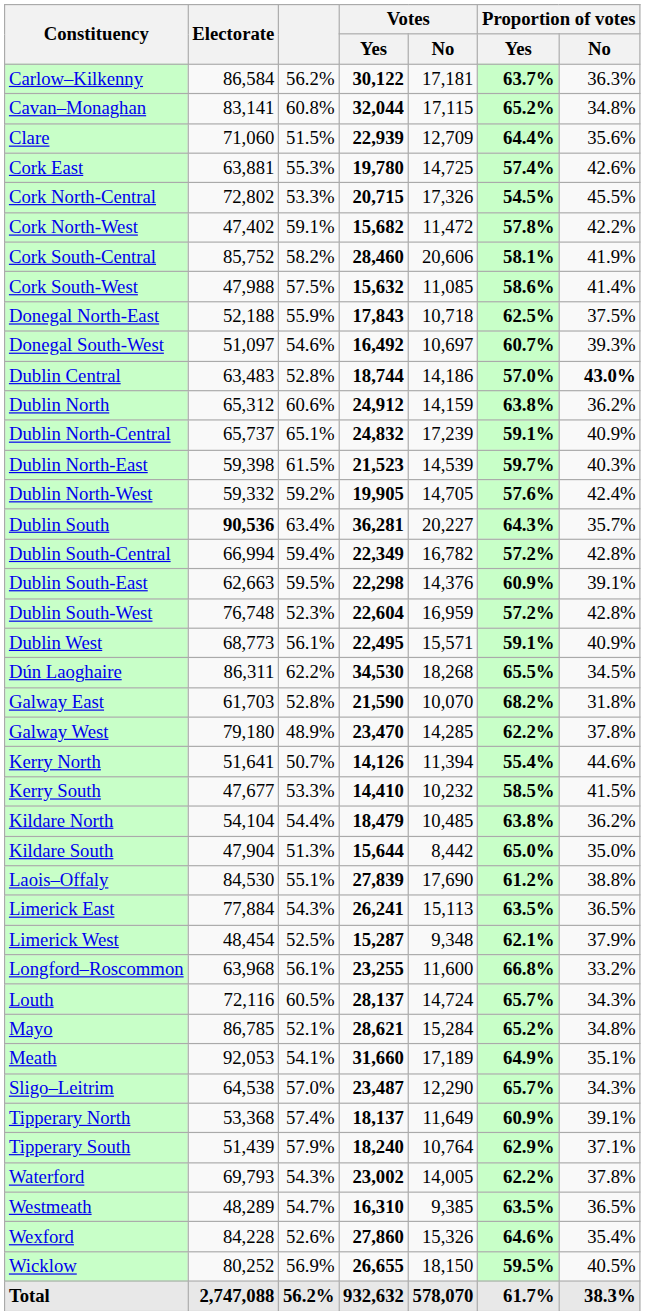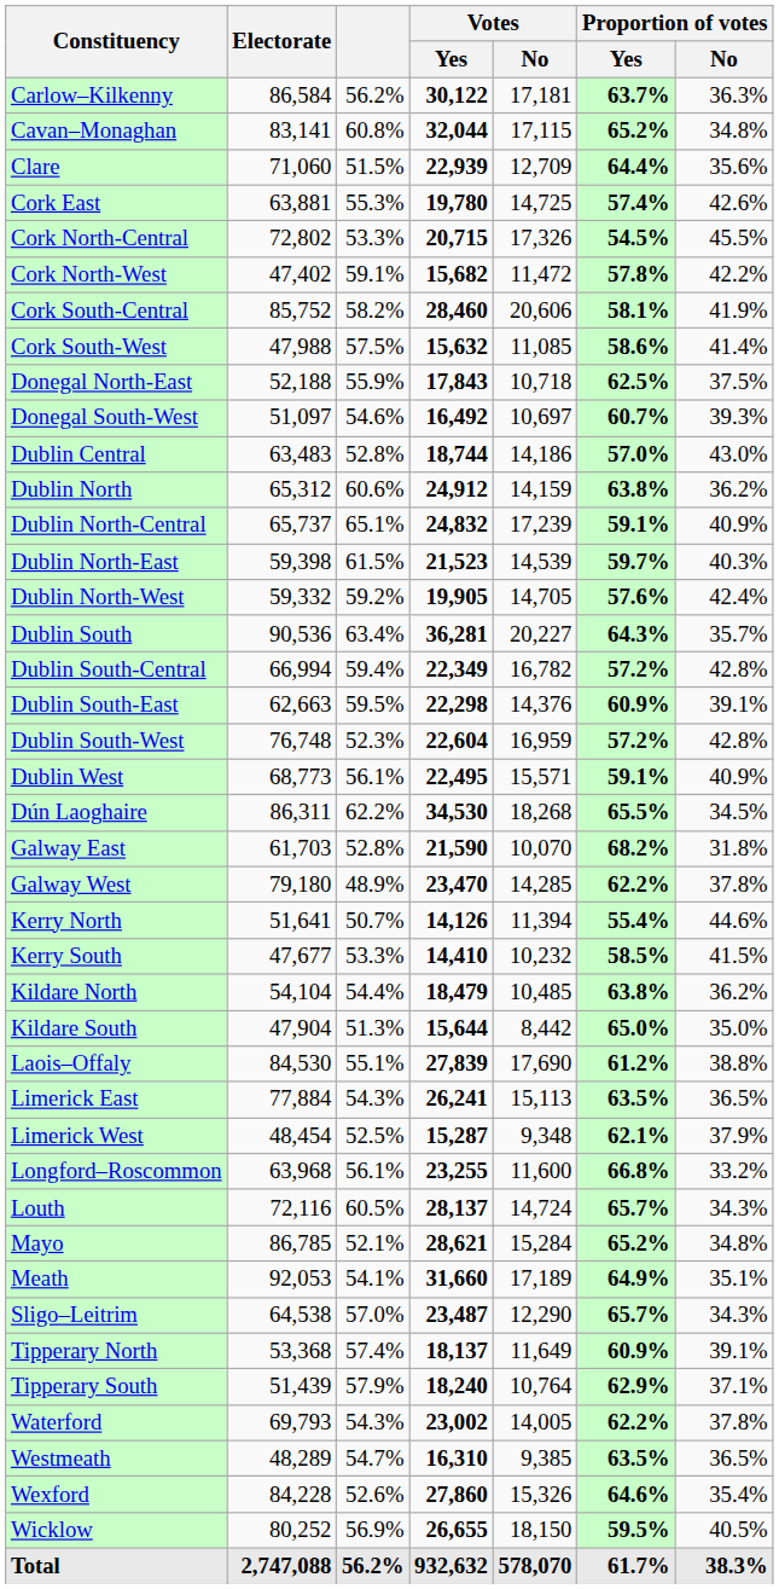 <table class="wikitable sortable">
 <tr>
 <th rowspan=2>Constituency</th>
 <th rowspan=2>Electorate</th>
 <th rowspan=2></th>
 <th colspan=2>Votes</th>
 <th colspan=2>Proportion of votes</th>
 </tr>
 <tr>
 <th>Yes</th>
 <th>No</th>
 <th>Yes</th>
 <th>No</th>
 </tr>
 <tr>
 <td style="background:#c8ffc8;"><a href='#'>Carlow–Kilkenny</a></td>
 <td style="text-align: right;">86,584</td>
 <td style="text-align: right;">56.2%</td>
 <td style="text-align: right;"><strong>30,122</strong></td>
 <td style="text-align: right;">17,181</td>
 <td style="text-align: right; background:#c8ffc8;"><strong>63.7%</strong></td>
 <td style="text-align: right;">36.3%</td>
 </tr>
 <tr>
 <td style="background:#c8ffc8;"><a href='#'>Cavan–Monaghan</a></td>
 <td style="text-align: right;">83,141</td>
 <td style="text-align: right;">60.8%</td>
 <td style="text-align: right;"><strong>32,044</strong></td>
 <td style="text-align: right;">17,115</td>
 <td style="text-align: right; background:#c8ffc8;"><strong>65.2%</strong></td>
 <td style="text-align: right;">34.8%</td>
 </tr>
 <tr>
 <td style="background:#c8ffc8;"><a href='#'>Clare</a></td>
 <td style="text-align: right;">71,060</td>
 <td style="text-align: right;">51.5%</td>
 <td style="text-align: right;"><strong>22,939</strong></td>
 <td style="text-align: right;">12,709</td>
 <td style="text-align: right; background:#c8ffc8;"><strong>64.4%</strong></td>
 <td style="text-align: right;">35.6%</td>
 </tr>
 <tr>
 <td style="background:#c8ffc8;"><a href='#'>Cork East</a></td>
 <td style="text-align: right;">63,881</td>
 <td style="text-align: right;">55.3%</td>
 <td style="text-align: right;"><strong>19,780</strong></td>
 <td style="text-align: right;">14,725</td>
 <td style="text-align: right; background:#c8ffc8;"><strong>57.4%</strong></td>
 <td style="text-align: right;">42.6%</td>
 </tr>
 <tr>
 <td style="background:#c8ffc8;"><a href='#'>Cork North-Central</a></td>
 <td style="text-align: right;">72,802</td>
 <td style="text-align: right;">53.3%</td>
 <td style="text-align: right;"><strong>20,715</strong></td>
 <td style="text-align: right;">17,326</td>
 <td style="text-align: right; background:#c8ffc8;"><strong>54.5%</strong></td>
 <td style="text-align: right;">45.5%</td>
 </tr>
 <tr>
 <td style="background:#c8ffc8;"><a href='#'>Cork North-West</a></td>
 <td style="text-align: right;">47,402</td>
 <td style="text-align: right;">59.1%</td>
 <td style="text-align: right;"><strong>15,682</strong></td>
 <td style="text-align: right;">11,472</td>
 <td style="text-align: right; background:#c8ffc8;"><strong>57.8%</strong></td>
 <td style="text-align: right;">42.2%</td>
 </tr>
 <tr>
 <td style="background:#c8ffc8;"><a href='#'>Cork South-Central</a></td>
 <td style="text-align: right;">85,752</td>
 <td style="text-align: right;">58.2%</td>
 <td style="text-align: right;"><strong>28,460</strong></td>
 <td style="text-align: right;">20,606</td>
 <td style="text-align: right; background:#c8ffc8;"><strong>58.1%</strong></td>
 <td style="text-align: right;">41.9%</td>
 </tr>
 <tr>
 <td style="background:#c8ffc8;"><a href='#'>Cork South-West</a></td>
 <td style="text-align: right;">47,988</td>
 <td style="text-align: right;">57.5%</td>
 <td style="text-align: right;"><strong>15,632</strong></td>
 <td style="text-align: right;">11,085</td>
 <td style="text-align: right; background:#c8ffc8;"><strong>58.6%</strong></td>
 <td style="text-align: right;">41.4%</td>
 </tr>
 <tr>
 <td style="background:#c8ffc8;"><a href='#'>Donegal North-East</a></td>
 <td style="text-align: right;">52,188</td>
 <td style="text-align: right;">55.9%</td>
 <td style="text-align: right;"><strong>17,843</strong></td>
 <td style="text-align: right;">10,718</td>
 <td style="text-align: right; background:#c8ffc8;"><strong>62.5%</strong></td>
 <td style="text-align: right;">37.5%</td>
 </tr>
 <tr>
 <td style="background:#c8ffc8;"><a href='#'>Donegal South-West</a></td>
 <td style="text-align: right;">51,097</td>
 <td style="text-align: right;">54.6%</td>
 <td style="text-align: right;"><strong>16,492</strong></td>
 <td style="text-align: right;">10,697</td>
 <td style="text-align: right; background:#c8ffc8;"><strong>60.7%</strong></td>
 <td style="text-align: right;">39.3%</td>
 </tr>
 <tr>
 <td style="background:#c8ffc8;"><a href='#'>Dublin Central</a></td>
 <td style="text-align: right;">63,483</td>
 <td style="text-align: right;">52.8%</td>
 <td style="text-align: right;"><strong>18,744</strong></td>
 <td style="text-align: right;">14,186</td>
 <td style="text-align: right; background:#c8ffc8;"><strong>57.0%</strong></td>
-<td style="text-align: right;"><strong>43.0%</strong></td>
+<td style="text-align: right;">43.0%</td>
 </tr>
 <tr>
 <td style="background:#c8ffc8;"><a href='#'>Dublin North</a></td>
 <td style="text-align: right;">65,312</td>
 <td style="text-align: right;">60.6%</td>
 <td style="text-align: right;"><strong>24,912</strong></td>
 <td style="text-align: right;">14,159</td>
 <td style="text-align: right; background:#c8ffc8;"><strong>63.8%</strong></td>
 <td style="text-align: right;">36.2%</td>
 </tr>
 <tr>
 <td style="background:#c8ffc8;"><a href='#'>Dublin North-Central</a></td>
 <td style="text-align: right;">65,737</td>
 <td style="text-align: right;">65.1%</td>
 <td style="text-align: right;"><strong>24,832</strong></td>
 <td style="text-align: right;">17,239</td>
 <td style="text-align: right; background:#c8ffc8;"><strong>59.1%</strong></td>
 <td style="text-align: right;">40.9%</td>
 </tr>
 <tr>
 <td style="background:#c8ffc8;"><a href='#'>Dublin North-East</a></td>
 <td style="text-align: right;">59,398</td>
 <td style="text-align: right;">61.5%</td>
 <td style="text-align: right;"><strong>21,523</strong></td>
 <td style="text-align: right;">14,539</td>
 <td style="text-align: right; background:#c8ffc8;"><strong>59.7%</strong></td>
 <td style="text-align: right;">40.3%</td>
 </tr>
 <tr>
 <td style="background:#c8ffc8;"><a href='#'>Dublin North-West</a></td>
 <td style="text-align: right;">59,332</td>
 <td style="text-align: right;">59.2%</td>
 <td style="text-align: right;"><strong>19,905</strong></td>
 <td style="text-align: right;">14,705</td>
 <td style="text-align: right; background:#c8ffc8;"><strong>57.6%</strong></td>
 <td style="text-align: right;">42.4%</td>
 </tr>
 <tr>
 <td style="background:#c8ffc8;"><a href='#'>Dublin South</a></td>
-<td style="text-align: right;"><strong>90,536</strong></td>
+<td style="text-align: right;">90,536</td>
 <td style="text-align: right;">63.4%</td>
 <td style="text-align: right;"><strong>36,281</strong></td>
 <td style="text-align: right;">20,227</td>
 <td style="text-align: right; background:#c8ffc8;"><strong>64.3%</strong></td>
 <td style="text-align: right;">35.7%</td>
 </tr>
 <tr>
 <td style="background:#c8ffc8;"><a href='#'>Dublin South-Central</a></td>
 <td style="text-align: right;">66,994</td>
 <td style="text-align: right;">59.4%</td>
 <td style="text-align: right;"><strong>22,349</strong></td>
 <td style="text-align: right;">16,782</td>
 <td style="text-align: right; background:#c8ffc8;"><strong>57.2%</strong></td>
 <td style="text-align: right;">42.8%</td>
 </tr>
 <tr>
 <td style="background:#c8ffc8;"><a href='#'>Dublin South-East</a></td>
 <td style="text-align: right;">62,663</td>
 <td style="text-align: right;">59.5%</td>
 <td style="text-align: right;"><strong>22,298</strong></td>
 <td style="text-align: right;">14,376</td>
 <td style="text-align: right; background:#c8ffc8;"><strong>60.9%</strong></td>
 <td style="text-align: right;">39.1%</td>
 </tr>
 <tr>
 <td style="background:#c8ffc8;"><a href='#'>Dublin South-West</a></td>
 <td style="text-align: right;">76,748</td>
 <td style="text-align: right;">52.3%</td>
 <td style="text-align: right;"><strong>22,604</strong></td>
 <td style="text-align: right;">16,959</td>
 <td style="text-align: right; background:#c8ffc8;"><strong>57.2%</strong></td>
 <td style="text-align: right;">42.8%</td>
 </tr>
 <tr>
 <td style="background:#c8ffc8;"><a href='#'>Dublin West</a></td>
 <td style="text-align: right;">68,773</td>
 <td style="text-align: right;">56.1%</td>
 <td style="text-align: right;"><strong>22,495</strong></td>
 <td style="text-align: right;">15,571</td>
 <td style="text-align: right; background:#c8ffc8;"><strong>59.1%</strong></td>
 <td style="text-align: right;">40.9%</td>
 </tr>
 <tr>
 <td style="background:#c8ffc8;"><a href='#'>Dún Laoghaire</a></td>
 <td style="text-align: right;">86,311</td>
 <td style="text-align: right;">62.2%</td>
 <td style="text-align: right;"><strong>34,530</strong></td>
 <td style="text-align: right;">18,268</td>
 <td style="text-align: right; background:#c8ffc8;"><strong>65.5%</strong></td>
 <td style="text-align: right;">34.5%</td>
 </tr>
 <tr>
 <td style="background:#c8ffc8;"><a href='#'>Galway East</a></td>
 <td style="text-align: right;">61,703</td>
 <td style="text-align: right;">52.8%</td>
 <td style="text-align: right;"><strong>21,590</strong></td>
 <td style="text-align: right;">10,070</td>
 <td style="text-align: right; background:#c8ffc8;"><strong>68.2%</strong></td>
 <td style="text-align: right;">31.8%</td>
 </tr>
 <tr>
 <td style="background:#c8ffc8;"><a href='#'>Galway West</a></td>
 <td style="text-align: right;">79,180</td>
 <td style="text-align: right;">48.9%</td>
 <td style="text-align: right;"><strong>23,470</strong></td>
 <td style="text-align: right;">14,285</td>
 <td style="text-align: right; background:#c8ffc8;"><strong>62.2%</strong></td>
 <td style="text-align: right;">37.8%</td>
 </tr>
 <tr>
 <td style="background:#c8ffc8;"><a href='#'>Kerry North</a></td>
 <td style="text-align: right;">51,641</td>
 <td style="text-align: right;">50.7%</td>
 <td style="text-align: right;"><strong>14,126</strong></td>
 <td style="text-align: right;">11,394</td>
 <td style="text-align: right; background:#c8ffc8;"><strong>55.4%</strong></td>
 <td style="text-align: right;">44.6%</td>
 </tr>
 <tr>
 <td style="background:#c8ffc8;"><a href='#'>Kerry South</a></td>
 <td style="text-align: right;">47,677</td>
 <td style="text-align: right;">53.3%</td>
 <td style="text-align: right;"><strong>14,410</strong></td>
 <td style="text-align: right;">10,232</td>
 <td style="text-align: right; background:#c8ffc8;"><strong>58.5%</strong></td>
 <td style="text-align: right;">41.5%</td>
 </tr>
 <tr>
 <td style="background:#c8ffc8;"><a href='#'>Kildare North</a></td>
 <td style="text-align: right;">54,104</td>
 <td style="text-align: right;">54.4%</td>
 <td style="text-align: right;"><strong>18,479</strong></td>
 <td style="text-align: right;">10,485</td>
 <td style="text-align: right; background:#c8ffc8;"><strong>63.8%</strong></td>
 <td style="text-align: right;">36.2%</td>
 </tr>
 <tr>
 <td style="background:#c8ffc8;"><a href='#'>Kildare South</a></td>
 <td style="text-align: right;">47,904</td>
 <td style="text-align: right;">51.3%</td>
 <td style="text-align: right;"><strong>15,644</strong></td>
 <td style="text-align: right;">8,442</td>
 <td style="text-align: right; background:#c8ffc8;"><strong>65.0%</strong></td>
 <td style="text-align: right;">35.0%</td>
 </tr>
 <tr>
 <td style="background:#c8ffc8;"><a href='#'>Laois–Offaly</a></td>
 <td style="text-align: right;">84,530</td>
 <td style="text-align: right;">55.1%</td>
 <td style="text-align: right;"><strong>27,839</strong></td>
 <td style="text-align: right;">17,690</td>
 <td style="text-align: right; background:#c8ffc8;"><strong>61.2%</strong></td>
 <td style="text-align: right;">38.8%</td>
 </tr>
 <tr>
 <td style="background:#c8ffc8;"><a href='#'>Limerick East</a></td>
 <td style="text-align: right;">77,884</td>
 <td style="text-align: right;">54.3%</td>
 <td style="text-align: right;"><strong>26,241</strong></td>
 <td style="text-align: right;">15,113</td>
 <td style="text-align: right; background:#c8ffc8;"><strong>63.5%</strong></td>
 <td style="text-align: right;">36.5%</td>
 </tr>
 <tr>
 <td style="background:#c8ffc8;"><a href='#'>Limerick West</a></td>
 <td style="text-align: right;">48,454</td>
 <td style="text-align: right;">52.5%</td>
 <td style="text-align: right;"><strong>15,287</strong></td>
 <td style="text-align: right;">9,348</td>
 <td style="text-align: right; background:#c8ffc8;"><strong>62.1%</strong></td>
 <td style="text-align: right;">37.9%</td>
 </tr>
 <tr>
 <td style="background:#c8ffc8;"><a href='#'>Longford–Roscommon</a></td>
 <td style="text-align: right;">63,968</td>
 <td style="text-align: right;">56.1%</td>
 <td style="text-align: right;"><strong>23,255</strong></td>
 <td style="text-align: right;">11,600</td>
 <td style="text-align: right; background:#c8ffc8;"><strong>66.8%</strong></td>
 <td style="text-align: right;">33.2%</td>
 </tr>
 <tr>
 <td style="background:#c8ffc8;"><a href='#'>Louth</a></td>
 <td style="text-align: right;">72,116</td>
 <td style="text-align: right;">60.5%</td>
 <td style="text-align: right;"><strong>28,137</strong></td>
 <td style="text-align: right;">14,724</td>
 <td style="text-align: right; background:#c8ffc8;"><strong>65.7%</strong></td>
 <td style="text-align: right;">34.3%</td>
 </tr>
 <tr>
 <td style="background:#c8ffc8;"><a href='#'>Mayo</a></td>
 <td style="text-align: right;">86,785</td>
 <td style="text-align: right;">52.1%</td>
 <td style="text-align: right;"><strong>28,621</strong></td>
 <td style="text-align: right;">15,284</td>
 <td style="text-align: right; background:#c8ffc8;"><strong>65.2%</strong></td>
 <td style="text-align: right;">34.8%</td>
 </tr>
 <tr>
 <td style="background:#c8ffc8;"><a href='#'>Meath</a></td>
 <td style="text-align: right;">92,053</td>
 <td style="text-align: right;">54.1%</td>
 <td style="text-align: right;"><strong>31,660</strong></td>
 <td style="text-align: right;">17,189</td>
 <td style="text-align: right; background:#c8ffc8;"><strong>64.9%</strong></td>
 <td style="text-align: right;">35.1%</td>
 </tr>
 <tr>
 <td style="background:#c8ffc8;"><a href='#'>Sligo–Leitrim</a></td>
 <td style="text-align: right;">64,538</td>
 <td style="text-align: right;">57.0%</td>
 <td style="text-align: right;"><strong>23,487</strong></td>
 <td style="text-align: right;">12,290</td>
 <td style="text-align: right; background:#c8ffc8;"><strong>65.7%</strong></td>
 <td style="text-align: right;">34.3%</td>
 </tr>
 <tr>
 <td style="background:#c8ffc8;"><a href='#'>Tipperary North</a></td>
 <td style="text-align: right;">53,368</td>
 <td style="text-align: right;">57.4%</td>
 <td style="text-align: right;"><strong>18,137</strong></td>
 <td style="text-align: right;">11,649</td>
 <td style="text-align: right; background:#c8ffc8;"><strong>60.9%</strong></td>
 <td style="text-align: right;">39.1%</td>
 </tr>
 <tr>
 <td style="background:#c8ffc8;"><a href='#'>Tipperary South</a></td>
 <td style="text-align: right;">51,439</td>
 <td style="text-align: right;">57.9%</td>
 <td style="text-align: right;"><strong>18,240</strong></td>
 <td style="text-align: right;">10,764</td>
 <td style="text-align: right; background:#c8ffc8;"><strong>62.9%</strong></td>
 <td style="text-align: right;">37.1%</td>
 </tr>
 <tr>
 <td style="background:#c8ffc8;"><a href='#'>Waterford</a></td>
 <td style="text-align: right;">69,793</td>
 <td style="text-align: right;">54.3%</td>
 <td style="text-align: right;"><strong>23,002</strong></td>
 <td style="text-align: right;">14,005</td>
 <td style="text-align: right; background:#c8ffc8;"><strong>62.2%</strong></td>
 <td style="text-align: right;">37.8%</td>
 </tr>
 <tr>
 <td style="background:#c8ffc8;"><a href='#'>Westmeath</a></td>
 <td style="text-align: right;">48,289</td>
 <td style="text-align: right;">54.7%</td>
 <td style="text-align: right;"><strong>16,310</strong></td>
 <td style="text-align: right;">9,385</td>
 <td style="text-align: right; background:#c8ffc8;"><strong>63.5%</strong></td>
 <td style="text-align: right;">36.5%</td>
 </tr>
 <tr>
 <td style="background:#c8ffc8;"><a href='#'>Wexford</a></td>
 <td style="text-align: right;">84,228</td>
 <td style="text-align: right;">52.6%</td>
 <td style="text-align: right;"><strong>27,860</strong></td>
 <td style="text-align: right;">15,326</td>
 <td style="text-align: right; background:#c8ffc8;"><strong>64.6%</strong></td>
 <td style="text-align: right;">35.4%</td>
 </tr>
 <tr>
 <td style="background:#c8ffc8;"><a href='#'>Wicklow</a></td>
 <td style="text-align: right;">80,252</td>
 <td style="text-align: right;">56.9%</td>
 <td style="text-align: right;"><strong>26,655</strong></td>
 <td style="text-align: right;">18,150</td>
 <td style="text-align: right; background:#c8ffc8;"><strong>59.5%</strong></td>
 <td style="text-align: right;">40.5%</td>
 </tr>
 <tr class="sortbottom" style="font-weight:bold; background:rgb(232,232,232);">
 <td>Total</td>
 <td style="text-align: right;">2,747,088</td>
 <td style="text-align: right;">56.2%</td>
 <td style="text-align: right;">932,632</td>
 <td style="text-align: right;">578,070</td>
 <td style="text-align: right;">61.7%</td>
 <td style="text-align: right;">38.3%</td>
 </tr>
 </table>
